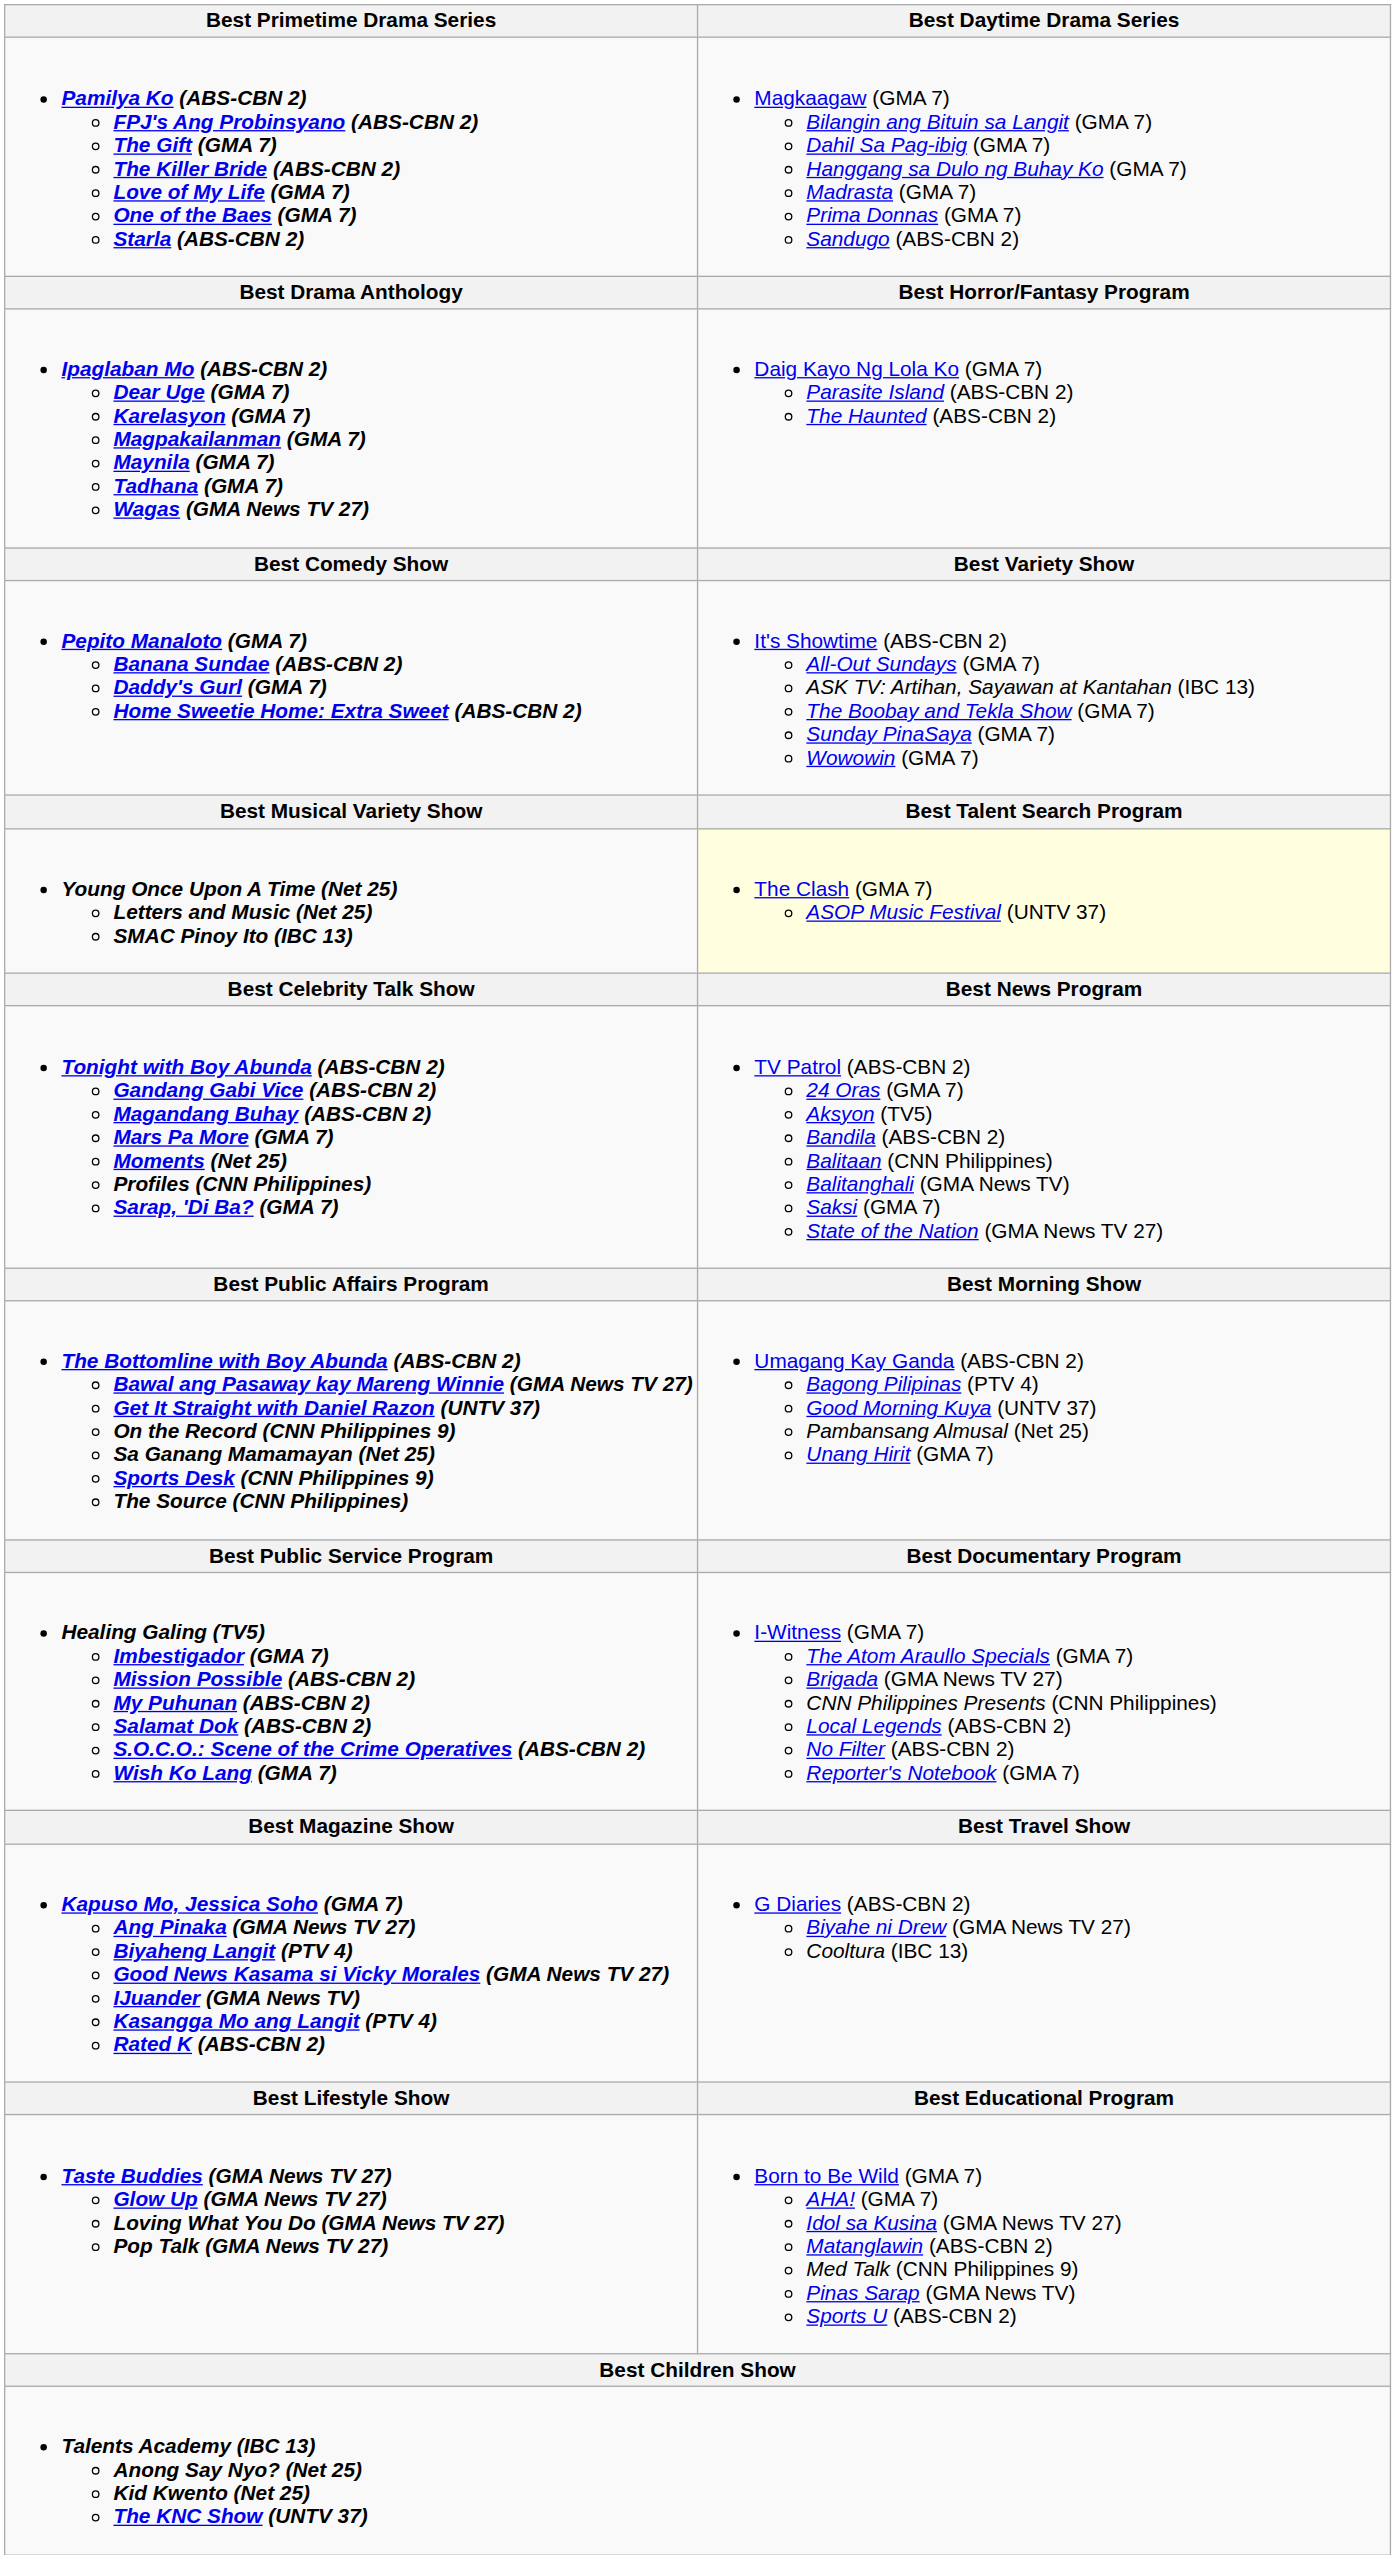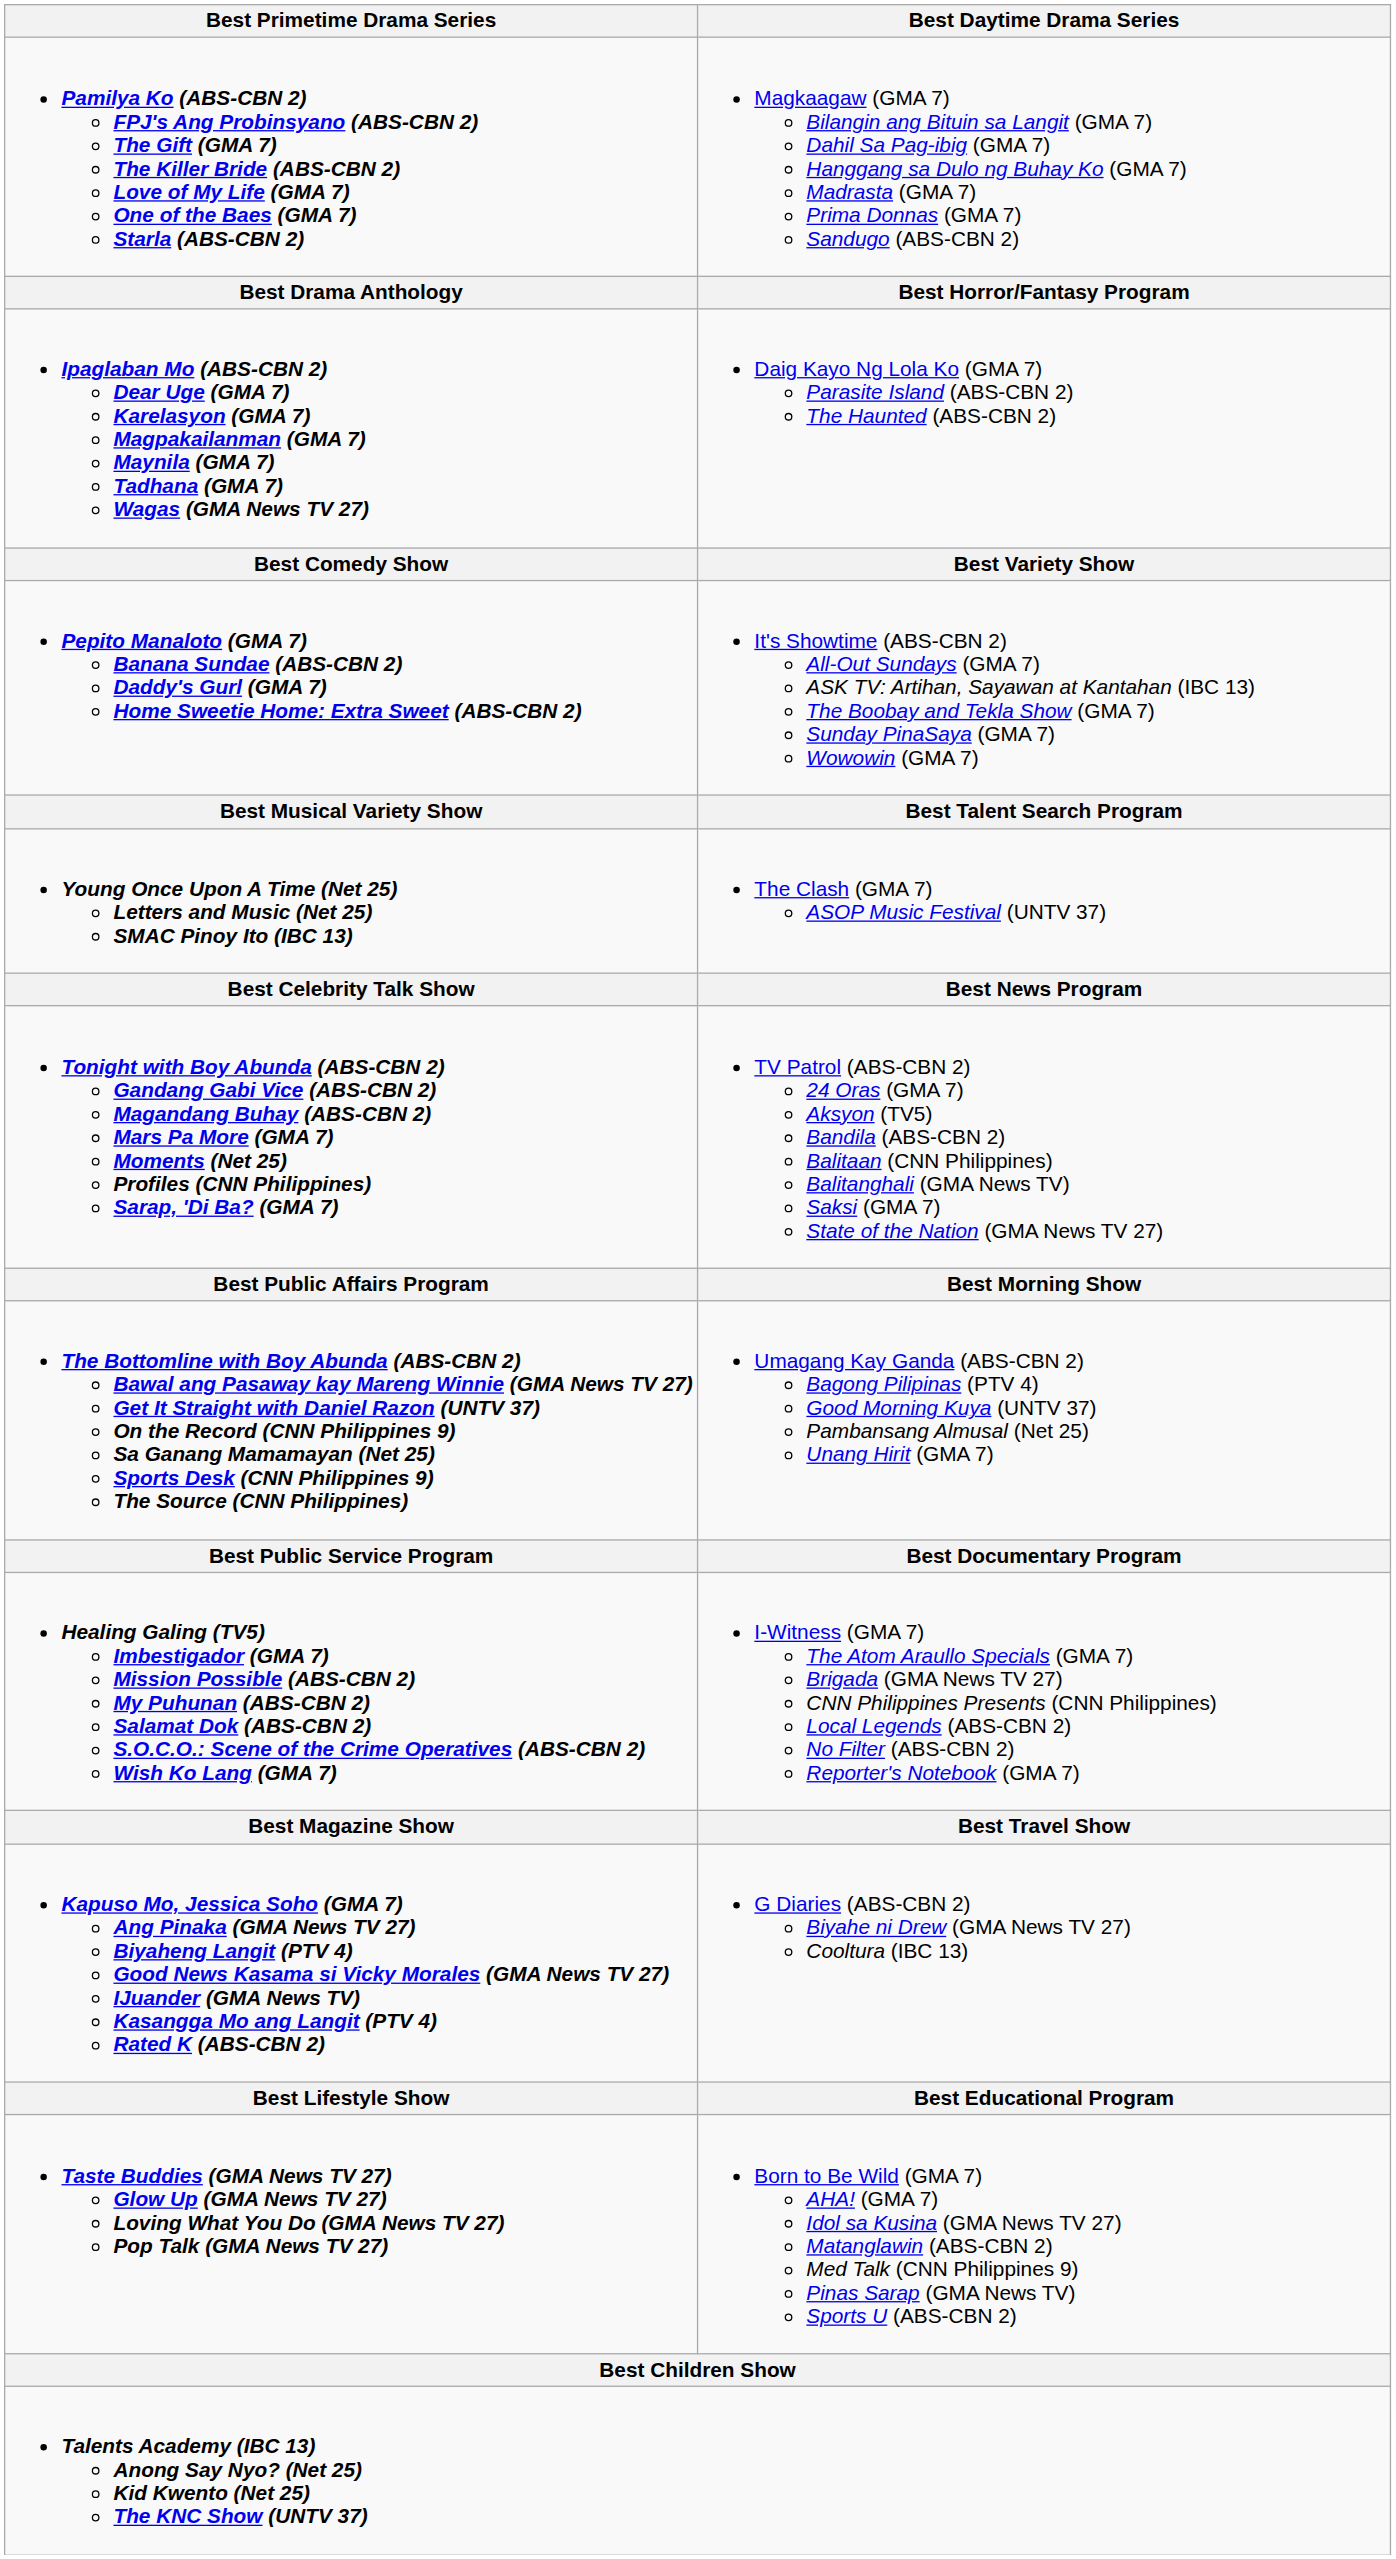 <table class=wikitable>
 <tr>
 <th style="width:50%">Best Primetime Drama Series</th>
 <th style="width:50%">Best Daytime Drama Series</th>
 </tr>
 <tr>
 <td valign="top"><br><ul><li><strong><em><a href='#'>Pamilya Ko</a><em> (ABS-CBN 2)<strong><ul><li></em><a href='#'>FPJ's Ang Probinsyano</a><em> (ABS-CBN 2)</li><li></em><a href='#'>The Gift</a><em> (GMA 7)</li><li></em><a href='#'>The Killer Bride</a><em> (ABS-CBN 2)</li><li></em><a href='#'>Love of My Life</a><em> (GMA 7)</li><li></em><a href='#'>One of the Baes</a><em> (GMA 7)</li><li></em><a href='#'>Starla</a><em> (ABS-CBN 2)</li></ul></li></ul></td>
 <td valign="top"><br><ul><li></em></strong><a href='#'>Magkaagaw</a></em> (GMA 7)</strong><ul><li><em><a href='#'>Bilangin ang Bituin sa Langit</a></em> (GMA 7)</li><li><em><a href='#'>Dahil Sa Pag-ibig</a></em> (GMA 7)</li><li><em><a href='#'>Hanggang sa Dulo ng Buhay Ko</a></em> (GMA 7)</li><li><em><a href='#'>Madrasta</a></em> (GMA 7)</li><li><em><a href='#'>Prima Donnas</a></em> (GMA 7)</li><li><em><a href='#'>Sandugo</a></em> (ABS-CBN 2)</li></ul></li></ul></td>
 </tr>
 <tr>
 <th style="width:50%">Best Drama Anthology</th>
 <th style="width:50%">Best Horror/Fantasy Program</th>
 </tr>
 <tr>
 <td valign="top"><br><ul><li><strong><em><a href='#'>Ipaglaban Mo</a><em> (ABS-CBN 2)<strong><ul><li></em><a href='#'>Dear Uge</a><em> (GMA 7)</li><li></em><a href='#'>Karelasyon</a><em> (GMA 7)</li><li></em><a href='#'>Magpakailanman</a><em> (GMA 7)</li><li></em><a href='#'>Maynila</a><em> (GMA 7)</li><li></em><a href='#'>Tadhana</a><em> (GMA 7)</li><li></em><a href='#'>Wagas</a><em> (GMA News TV 27)</li></ul></li></ul></td>
 <td valign="top"><br><ul><li></em></strong><a href='#'>Daig Kayo Ng Lola Ko</a></em> (GMA 7)</strong><ul><li><em><a href='#'>Parasite Island</a></em> (ABS-CBN 2)</li><li><em><a href='#'>The Haunted</a></em> (ABS-CBN 2)</li></ul></li></ul></td>
 </tr>
 <tr>
 <th style="width:50%">Best Comedy Show</th>
 <th style="width:50%">Best Variety Show</th>
 </tr>
 <tr>
 <td valign="top"><br><ul><li><strong><em><a href='#'>Pepito Manaloto</a><em> (GMA 7)<strong><ul><li></em><a href='#'>Banana Sundae</a><em> (ABS-CBN 2)</li><li></em><a href='#'>Daddy's Gurl</a><em> (GMA 7)</li><li></em><a href='#'>Home Sweetie Home: Extra Sweet</a><em> (ABS-CBN 2)</li></ul></li></ul></td>
 <td valign="top"><br><ul><li></em></strong><a href='#'>It's Showtime</a></em> (ABS-CBN 2)</strong><ul><li><em><a href='#'>All-Out Sundays</a></em> (GMA 7)</li><li><em>ASK TV: Artihan, Sayawan at Kantahan</em> (IBC 13)</li><li><em><a href='#'>The Boobay and Tekla Show</a></em> (GMA 7)</li><li><em><a href='#'>Sunday PinaSaya</a></em> (GMA 7)</li><li><em><a href='#'>Wowowin</a></em> (GMA 7)</li></ul></li></ul></td>
 </tr>
 <tr>
 <th style="width:50%">Best Musical Variety Show</th>
 <th style="width:50%">Best Talent Search Program</th>
 </tr>
 <tr>
 <td valign="top"><br><ul><li><strong><em>Young Once Upon A Time<em> (Net 25)<strong><ul><li></em>Letters and Music<em> (Net 25)</li><li></em>SMAC Pinoy Ito<em> (IBC 13)</li></ul></li></ul></td>
-<td valign="top" style="background: lightyellow;"><br><ul><li></em></strong><a href='#'>The Clash</a></em> (GMA 7)</strong><ul><li><em><a href='#'>ASOP Music Festival</a></em> (UNTV 37)</li></ul></li></ul></td>
+<td valign="top"><br><ul><li></em></strong><a href='#'>The Clash</a></em> (GMA 7)</strong><ul><li><em><a href='#'>ASOP Music Festival</a></em> (UNTV 37)</li></ul></li></ul></td>
 </tr>
 <tr>
 <th style="width:50%">Best Celebrity Talk Show</th>
 <th style="width:50%">Best News Program</th>
 </tr>
 <tr>
 <td valign="top"><br><ul><li><strong><em><a href='#'>Tonight with Boy Abunda</a><em> (ABS-CBN 2)<strong><ul><li></em><a href='#'>Gandang Gabi Vice</a><em> (ABS-CBN 2)</li><li></em><a href='#'>Magandang Buhay</a><em> (ABS-CBN 2)</li><li></em><a href='#'>Mars Pa More</a><em> (GMA 7)</li><li></em><a href='#'>Moments</a><em> (Net 25)</li><li></em>Profiles<em> (CNN Philippines)</li><li></em><a href='#'>Sarap, 'Di Ba?</a><em> (GMA 7)</li></ul></li></ul></td>
 <td valign="top"><br><ul><li></em></strong><a href='#'>TV Patrol</a></em> (ABS-CBN 2)</strong><ul><li><em><a href='#'>24 Oras</a></em> (GMA 7)</li><li><em><a href='#'>Aksyon</a></em> (TV5)</li><li><em><a href='#'>Bandila</a></em> (ABS-CBN 2)</li><li><em><a href='#'>Balitaan</a></em> (CNN Philippines)</li><li><em><a href='#'>Balitanghali</a></em> (GMA News TV)</li><li><em><a href='#'>Saksi</a></em> (GMA 7)</li><li><em><a href='#'>State of the Nation</a></em> (GMA News TV 27)</li></ul></li></ul></td>
 </tr>
 <tr>
 <th style="width:50%">Best Public Affairs Program</th>
 <th style="width:50%">Best Morning Show</th>
 </tr>
 <tr>
 <td valign="top"><br><ul><li><strong><em><a href='#'>The Bottomline with Boy Abunda</a><em> (ABS-CBN 2)<strong><ul><li></em><a href='#'>Bawal ang Pasaway kay Mareng Winnie</a><em> (GMA News TV 27)</li><li></em><a href='#'>Get It Straight with Daniel Razon</a><em> (UNTV 37)</li><li></em>On the Record<em> (CNN Philippines 9)</li><li></em>Sa Ganang Mamamayan<em> (Net 25)</li><li></em><a href='#'>Sports Desk</a><em> (CNN Philippines 9)</li><li></em>The Source<em> (CNN Philippines)</li></ul></li></ul></td>
 <td valign="top"><br><ul><li></em></strong><a href='#'>Umagang Kay Ganda</a></em> (ABS-CBN 2)</strong><ul><li><em><a href='#'>Bagong Pilipinas</a></em> (PTV 4)</li><li><em><a href='#'>Good Morning Kuya</a></em> (UNTV 37)</li><li><em>Pambansang Almusal</em> (Net 25)</li><li><em><a href='#'>Unang Hirit</a></em> (GMA 7)</li></ul></li></ul></td>
 </tr>
 <tr>
 <th style="width:50%">Best Public Service Program</th>
 <th style="width:50%">Best Documentary Program</th>
 </tr>
 <tr>
 <td valign="top"><br><ul><li><strong><em>Healing Galing<em> (TV5)<strong><ul><li></em><a href='#'>Imbestigador</a><em> (GMA 7)</li><li></em><a href='#'>Mission Possible</a><em> (ABS-CBN 2)</li><li></em><a href='#'>My Puhunan</a><em> (ABS-CBN 2)</li><li></em><a href='#'>Salamat Dok</a><em> (ABS-CBN 2)</li><li></em><a href='#'>S.O.C.O.: Scene of the Crime Operatives</a><em> (ABS-CBN 2)</li><li></em><a href='#'>Wish Ko Lang</a><em> (GMA 7)</li></ul></li></ul></td>
 <td valign="top"><br><ul><li></em></strong><a href='#'>I-Witness</a></em> (GMA 7)</strong><ul><li><em><a href='#'>The Atom Araullo Specials</a></em> (GMA 7)</li><li><em><a href='#'>Brigada</a></em> (GMA News TV 27)</li><li><em>CNN Philippines Presents</em> (CNN Philippines)</li><li><em><a href='#'>Local Legends</a></em> (ABS-CBN 2)</li><li><em><a href='#'>No Filter</a></em> (ABS-CBN 2)</li><li><em><a href='#'>Reporter's Notebook</a></em> (GMA 7)</li></ul></li></ul></td>
 </tr>
 <tr>
 <th style="width:50%">Best Magazine Show</th>
 <th style="width:50%">Best Travel Show</th>
 </tr>
 <tr>
 <td valign="top"><br><ul><li><strong><em><a href='#'>Kapuso Mo, Jessica Soho</a><em> (GMA 7)<strong><ul><li></em><a href='#'>Ang Pinaka</a><em> (GMA News TV 27)</li><li></em><a href='#'>Biyaheng Langit</a><em> (PTV 4)</li><li></em><a href='#'>Good News Kasama si Vicky Morales</a><em> (GMA News TV 27)</li><li></em><a href='#'>IJuander</a><em> (GMA News TV)</li><li></em><a href='#'>Kasangga Mo ang Langit</a><em> (PTV 4)</li><li></em><a href='#'>Rated K</a><em> (ABS-CBN 2)</li></ul></li></ul></td>
 <td valign="top"><br><ul><li></em></strong><a href='#'>G Diaries</a></em> (ABS-CBN 2)</strong><ul><li><em><a href='#'>Biyahe ni Drew</a></em> (GMA News TV 27)</li><li><em>Cooltura</em> (IBC 13)</li></ul></li></ul></td>
 </tr>
 <tr>
 <th style="width:50%">Best Lifestyle Show</th>
 <th style="width:50%">Best Educational Program</th>
 </tr>
 <tr>
 <td valign="top"><br><ul><li><strong><em><a href='#'>Taste Buddies</a><em> (GMA News TV 27)<strong><ul><li></em><a href='#'>Glow Up</a><em> (GMA News TV 27)</li><li></em>Loving What You Do<em> (GMA News TV 27)</li><li></em>Pop Talk<em> (GMA News TV 27)</li></ul></li></ul></td>
 <td valign="top"><br><ul><li></em></strong><a href='#'>Born to Be Wild</a></em> (GMA 7)</strong><ul><li><em><a href='#'>AHA!</a></em> (GMA 7)</li><li><em><a href='#'>Idol sa Kusina</a></em> (GMA News TV 27)</li><li><em><a href='#'>Matanglawin</a></em> (ABS-CBN 2)</li><li><em>Med Talk</em> (CNN Philippines 9)</li><li><em><a href='#'>Pinas Sarap</a></em> (GMA News TV)</li><li><em><a href='#'>Sports U</a></em> (ABS-CBN 2)</li></ul></li></ul></td>
 </tr>
 <tr>
 <th style="width:50%" colspan="2">Best Children Show</th>
 </tr>
 <tr>
 <td style="vertical-align:top;" colspan="2"><br><ul><li><strong><em>Talents Academy<em> (IBC 13)<strong><ul><li></em>Anong Say Nyo?<em> (Net 25)</li><li></em>Kid Kwento<em> (Net 25)</li><li></em><a href='#'>The KNC Show</a><em> (UNTV 37)</li></ul></li></ul></td>
 </tr>
 </table>
